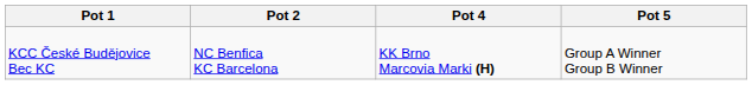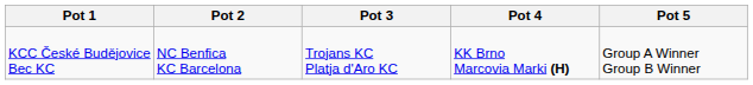 <table class="wikitable collapsible">
 <tr>
 <th width=20%>Pot 1</th>
 <th width=20%>Pot 2</th>
+<th width=20%>Pot 3</th>
 <th width=20%>Pot 4</th>
 <th width=20%>Pot 5</th>
 </tr>
 <tr>
 <td><br> <a href='#'>KCC České Budějovice</a><br>  <a href='#'>Bec KC</a><br></td>
 <td><br> <a href='#'>NC Benfica</a><br>  <a href='#'>KC Barcelona</a><br></td>
+<td><br> <a href='#'>Trojans KC</a><br>  <a href='#'>Platja d'Aro KC</a><br></td>
 <td><br> <a href='#'>KK Brno</a><br>  <a href='#'>Marcovia Marki</a> <strong>(H)</strong></td>
 <td><br>Group A Winner<br> Group B Winner</td>
 </tr>
 </table>
